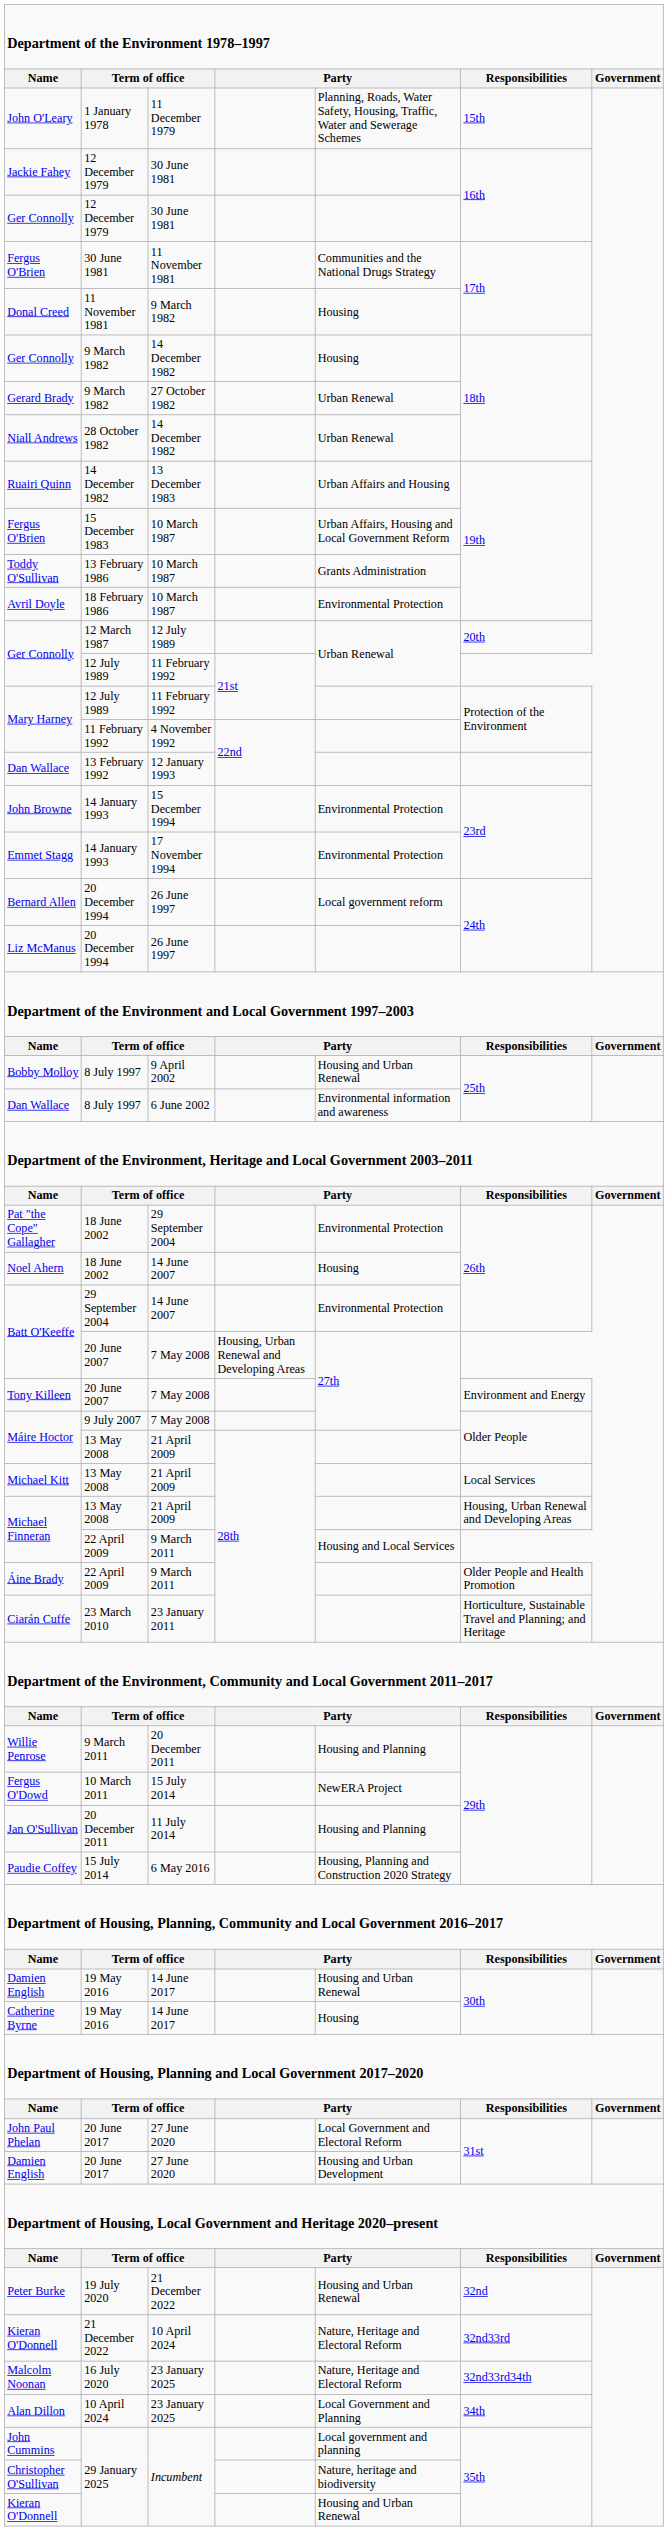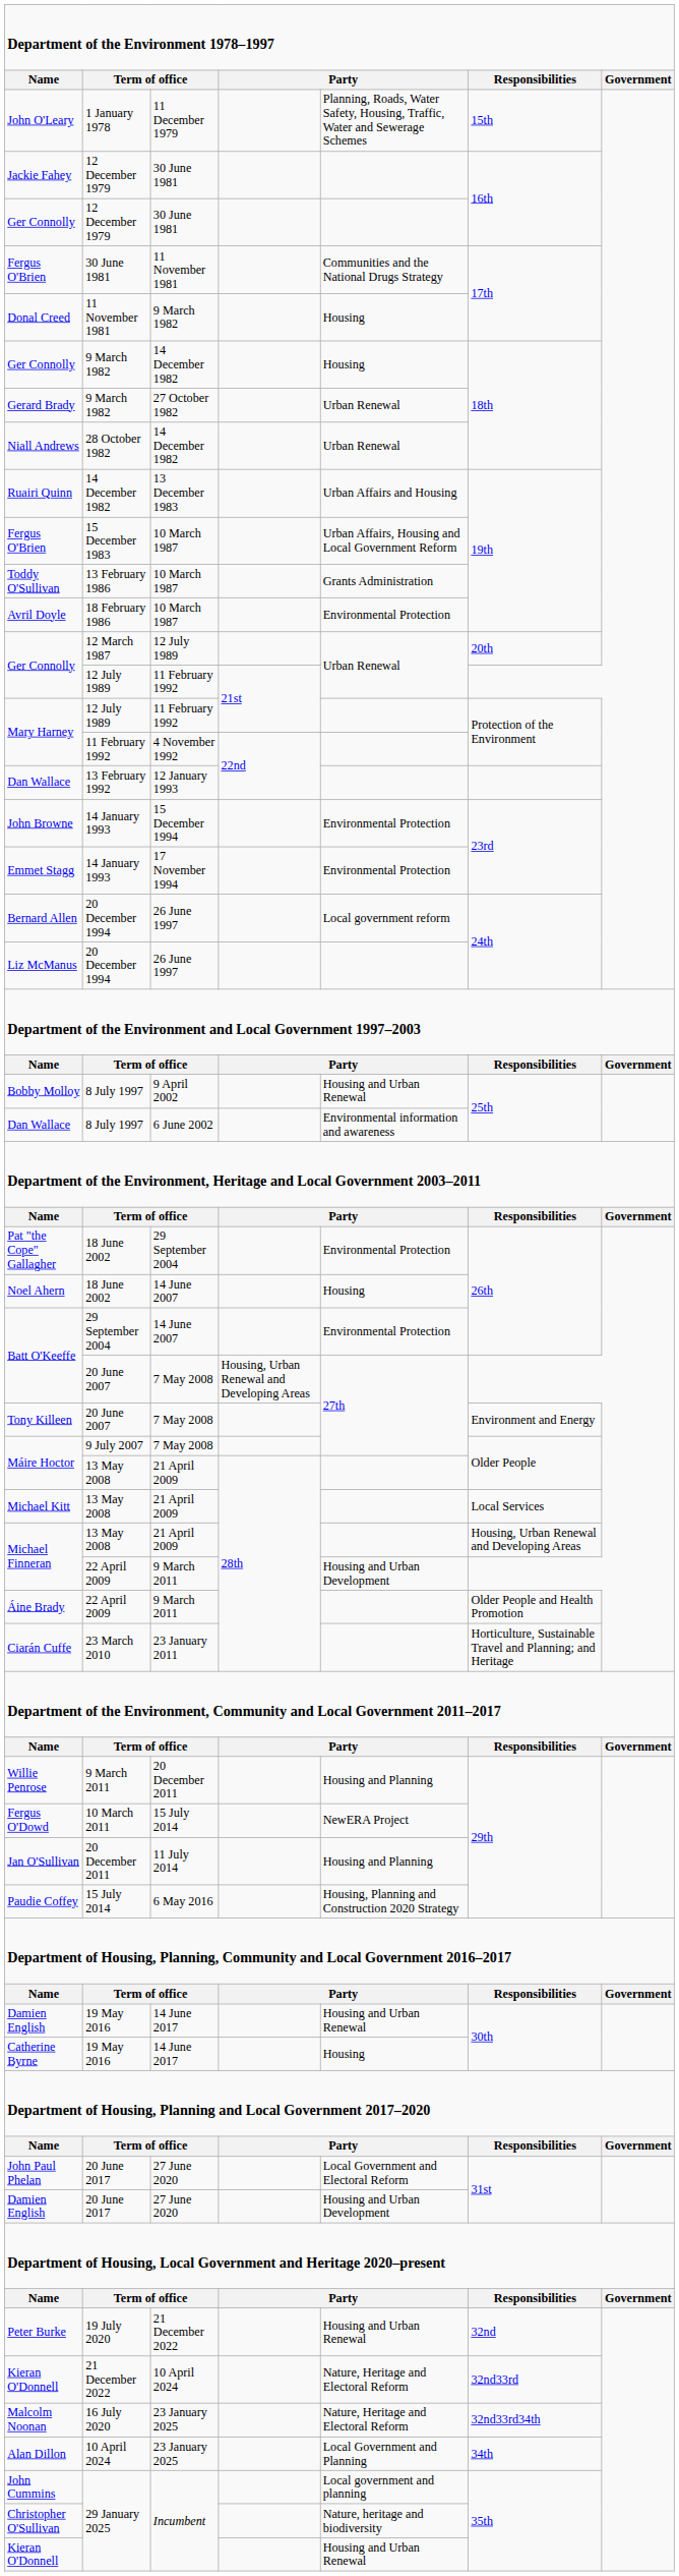 <table class="wikitable">
 <tr>
 <td colspan="7"><br><h3>Department of the Environment 1978–1997</h3></td>
 </tr>
 <tr>
 <th>Name</th>
 <th colspan=2>Term of office</th>
 <th colspan=2>Party</th>
 <th>Responsibilities</th>
 <th>Government</th>
 </tr>
 <tr>
 <td><a href='#'>John O'Leary</a></td>
 <td>1 January 1978</td>
 <td>11 December 1979</td>
 <td></td>
 <td>Planning, Roads, Water Safety, Housing, Traffic, Water and Sewerage Schemes</td>
 <td><a href='#'>15th</a></td>
 </tr>
 <tr>
 <td><a href='#'>Jackie Fahey</a></td>
 <td>12 December 1979</td>
 <td>30 June 1981</td>
 <td></td>
 <td></td>
 <td rowspan=2><a href='#'>16th</a></td>
 </tr>
 <tr>
 <td><a href='#'>Ger Connolly</a></td>
 <td>12 December 1979</td>
 <td>30 June 1981</td>
 <td></td>
 <td></td>
 </tr>
 <tr>
 <td><a href='#'>Fergus O'Brien</a></td>
 <td>30 June 1981</td>
 <td>11 November 1981</td>
 <td></td>
 <td>Communities and the National Drugs Strategy</td>
 <td rowspan=2><a href='#'>17th</a></td>
 </tr>
 <tr>
 <td><a href='#'>Donal Creed</a></td>
 <td>11 November 1981</td>
 <td>9 March 1982</td>
 <td></td>
 <td>Housing</td>
 </tr>
 <tr>
 <td><a href='#'>Ger Connolly</a></td>
 <td>9 March 1982</td>
 <td>14 December 1982</td>
 <td></td>
 <td>Housing</td>
 <td rowspan=3><a href='#'>18th</a></td>
 </tr>
 <tr>
 <td><a href='#'>Gerard Brady</a></td>
 <td>9 March 1982</td>
 <td>27 October 1982</td>
 <td></td>
 <td>Urban Renewal</td>
 </tr>
 <tr>
 <td><a href='#'>Niall Andrews</a></td>
 <td>28 October 1982</td>
 <td>14 December 1982</td>
 <td></td>
 <td>Urban Renewal</td>
 </tr>
 <tr>
 <td><a href='#'>Ruairi Quinn</a></td>
 <td>14 December 1982</td>
 <td>13 December 1983</td>
 <td></td>
 <td>Urban Affairs and Housing</td>
 <td rowspan=4><a href='#'>19th</a></td>
 </tr>
 <tr>
 <td><a href='#'>Fergus O'Brien</a></td>
 <td>15 December 1983</td>
 <td>10 March 1987</td>
 <td></td>
 <td>Urban Affairs, Housing and Local Government Reform</td>
 </tr>
 <tr>
 <td><a href='#'>Toddy O'Sullivan</a></td>
 <td>13 February 1986</td>
 <td>10 March 1987</td>
 <td></td>
 <td>Grants Administration</td>
 </tr>
 <tr>
 <td><a href='#'>Avril Doyle</a></td>
 <td>18 February 1986</td>
 <td>10 March 1987</td>
 <td></td>
 <td>Environmental Protection</td>
 </tr>
 <tr>
 <td rowspan=2><a href='#'>Ger Connolly</a></td>
 <td>12 March 1987</td>
 <td>12 July 1989</td>
 <td></td>
 <td rowspan=2>Urban Renewal</td>
 <td><a href='#'>20th</a></td>
 </tr>
 <tr>
 <td>12 July 1989</td>
 <td>11 February 1992</td>
 <td rowspan=2><a href='#'>21st</a></td>
 </tr>
 <tr>
 <td rowspan=2><a href='#'>Mary Harney</a></td>
 <td>12 July 1989</td>
 <td>11 February 1992</td>
 <td></td>
 <td rowspan=2>Protection of the Environment</td>
 </tr>
 <tr>
 <td>11 February 1992</td>
 <td>4 November 1992</td>
 <td rowspan=2><a href='#'>22nd</a></td>
 </tr>
 <tr>
 <td><a href='#'>Dan Wallace</a></td>
 <td>13 February 1992</td>
 <td>12 January 1993</td>
 <td></td>
 <td></td>
 </tr>
 <tr>
 <td><a href='#'>John Browne</a></td>
 <td>14 January 1993</td>
 <td>15 December 1994</td>
 <td></td>
 <td>Environmental Protection</td>
 <td rowspan=2><a href='#'>23rd</a></td>
 </tr>
 <tr>
 <td><a href='#'>Emmet Stagg</a></td>
 <td>14 January 1993</td>
 <td>17 November 1994</td>
 <td></td>
 <td>Environmental Protection</td>
 </tr>
 <tr>
 <td><a href='#'>Bernard Allen</a></td>
 <td>20 December 1994</td>
 <td>26 June 1997</td>
 <td></td>
 <td>Local government reform</td>
 <td rowspan=2><a href='#'>24th</a></td>
 </tr>
 <tr>
 <td><a href='#'>Liz McManus</a></td>
 <td>20 December 1994</td>
 <td>26 June 1997</td>
 <td></td>
 <td></td>
 </tr>
 <tr>
 <td colspan="7"><br><h3>Department of the Environment and Local Government 1997–2003</h3></td>
 </tr>
 <tr>
 <th>Name</th>
 <th colspan=2>Term of office</th>
 <th colspan=2>Party</th>
 <th>Responsibilities</th>
 <th>Government</th>
 </tr>
 <tr>
 <td><a href='#'>Bobby Molloy</a></td>
 <td>8 July 1997</td>
 <td>9 April 2002</td>
 <td></td>
 <td>Housing and Urban Renewal</td>
 <td rowspan=2><a href='#'>25th</a></td>
 </tr>
 <tr>
 <td><a href='#'>Dan Wallace</a></td>
 <td>8 July 1997</td>
 <td>6 June 2002</td>
 <td></td>
 <td>Environmental information and awareness</td>
 </tr>
 <tr>
 <td colspan="7"><br><h3>Department of the Environment, Heritage and Local Government 2003–2011</h3></td>
 </tr>
 <tr>
 <th>Name</th>
 <th colspan=2>Term of office</th>
 <th colspan=2>Party</th>
 <th>Responsibilities</th>
 <th>Government</th>
 </tr>
 <tr>
 <td><a href='#'>Pat "the Cope" Gallagher</a></td>
 <td>18 June 2002</td>
 <td>29 September 2004</td>
 <td></td>
 <td>Environmental Protection</td>
 <td rowspan=3><a href='#'>26th</a></td>
 </tr>
 <tr>
 <td><a href='#'>Noel Ahern</a></td>
 <td>18 June 2002</td>
 <td>14 June 2007</td>
 <td></td>
 <td>Housing</td>
 </tr>
 <tr>
 <td rowspan=2><a href='#'>Batt O'Keeffe</a></td>
 <td>29 September 2004</td>
 <td>14 June 2007</td>
 <td></td>
 <td>Environmental Protection</td>
 </tr>
 <tr>
 <td>20 June 2007</td>
 <td>7 May 2008</td>
 <td>Housing, Urban Renewal and Developing Areas</td>
 <td rowspan=3><a href='#'>27th</a></td>
 </tr>
 <tr>
 <td><a href='#'>Tony Killeen</a></td>
 <td>20 June 2007</td>
 <td>7 May 2008</td>
 <td></td>
 <td>Environment and Energy</td>
 </tr>
 <tr>
 <td rowspan=2><a href='#'>Máire Hoctor</a></td>
 <td>9 July 2007</td>
 <td>7 May 2008</td>
 <td></td>
 <td rowspan=2>Older People</td>
 </tr>
 <tr>
 <td>13 May 2008</td>
 <td>21 April 2009</td>
 <td rowspan=6><a href='#'>28th</a></td>
 </tr>
 <tr>
 <td><a href='#'>Michael Kitt</a></td>
 <td>13 May 2008</td>
 <td>21 April 2009</td>
 <td></td>
 <td>Local Services</td>
 </tr>
 <tr>
 <td rowspan=2><a href='#'>Michael Finneran</a></td>
 <td>13 May 2008</td>
 <td>21 April 2009</td>
 <td></td>
 <td>Housing, Urban Renewal and Developing Areas</td>
 </tr>
 <tr>
 <td>22 April 2009</td>
 <td>9 March 2011</td>
-<td>Housing and Local Services</td>
+<td>Housing and Urban Development</td>
 </tr>
 <tr>
 <td><a href='#'>Áine Brady</a></td>
 <td>22 April 2009</td>
 <td>9 March 2011</td>
 <td></td>
 <td>Older People and Health Promotion</td>
 </tr>
 <tr>
 <td><a href='#'>Ciarán Cuffe</a></td>
 <td>23 March 2010</td>
 <td>23 January 2011</td>
 <td></td>
 <td>Horticulture, Sustainable Travel and Planning; and Heritage</td>
 </tr>
 <tr>
 <td colspan="7"><br><h3>Department of the Environment, Community and Local Government 2011–2017</h3></td>
 </tr>
 <tr>
 <th>Name</th>
 <th colspan=2>Term of office</th>
 <th colspan=2>Party</th>
 <th>Responsibilities</th>
 <th>Government</th>
 </tr>
 <tr>
 <td><a href='#'>Willie Penrose</a></td>
 <td>9 March 2011</td>
 <td>20 December 2011</td>
 <td></td>
 <td>Housing and Planning</td>
 <td rowspan=4><a href='#'>29th</a></td>
 </tr>
 <tr>
 <td><a href='#'>Fergus O'Dowd</a></td>
 <td>10 March 2011</td>
 <td>15 July 2014</td>
 <td></td>
 <td>NewERA Project</td>
 </tr>
 <tr>
 <td><a href='#'>Jan O'Sullivan</a></td>
 <td>20 December 2011</td>
 <td>11 July 2014</td>
 <td></td>
 <td>Housing and Planning</td>
 </tr>
 <tr>
 <td><a href='#'>Paudie Coffey</a></td>
 <td>15 July 2014</td>
 <td>6 May 2016</td>
 <td></td>
 <td>Housing, Planning and Construction 2020 Strategy</td>
 </tr>
 <tr>
 <td colspan=7><br><h3>Department of Housing, Planning, Community and Local Government 2016–2017</h3></td>
 </tr>
 <tr>
 <th>Name</th>
 <th colspan=2>Term of office</th>
 <th colspan=2>Party</th>
 <th>Responsibilities</th>
 <th>Government</th>
 </tr>
 <tr>
 <td><a href='#'>Damien English</a></td>
 <td>19 May 2016</td>
 <td>14 June 2017</td>
 <td></td>
 <td>Housing and Urban Renewal</td>
 <td rowspan=2><a href='#'>30th</a></td>
 </tr>
 <tr>
 <td><a href='#'>Catherine Byrne</a></td>
 <td>19 May 2016</td>
 <td>14 June 2017</td>
 <td></td>
 <td>Housing</td>
 </tr>
 <tr>
 <td colspan=7><br><h3>Department of Housing, Planning and Local Government 2017–2020</h3></td>
 </tr>
 <tr>
 <th>Name</th>
 <th colspan=2>Term of office</th>
 <th colspan=2>Party</th>
 <th>Responsibilities</th>
 <th>Government</th>
 </tr>
 <tr>
 <td><a href='#'>John Paul Phelan</a></td>
 <td>20 June 2017</td>
 <td>27 June 2020</td>
 <td></td>
 <td>Local Government and Electoral Reform</td>
 <td rowspan=2><a href='#'>31st</a></td>
 </tr>
 <tr>
 <td><a href='#'>Damien English</a></td>
 <td>20 June 2017</td>
 <td>27 June 2020</td>
 <td></td>
 <td>Housing and Urban Development</td>
 </tr>
 <tr>
 <td colspan="7"><br><h3>Department of Housing, Local Government and Heritage 2020–present</h3></td>
 </tr>
 <tr>
 <th>Name</th>
 <th colspan=2>Term of office</th>
 <th colspan=2>Party</th>
 <th>Responsibilities</th>
 <th>Government</th>
 </tr>
 <tr>
 <td><a href='#'>Peter Burke</a></td>
 <td>19 July 2020</td>
 <td>21 December 2022</td>
 <td></td>
 <td>Housing and Urban Renewal</td>
 <td><a href='#'>32nd</a></td>
 </tr>
 <tr>
 <td><a href='#'>Kieran O'Donnell</a></td>
 <td>21 December 2022</td>
 <td>10 April 2024</td>
 <td></td>
 <td>Nature, Heritage and Electoral Reform</td>
 <td><a href='#'>32nd</a><a href='#'>33rd</a></td>
 </tr>
 <tr>
 <td><a href='#'>Malcolm Noonan</a></td>
 <td>16 July 2020</td>
 <td>23 January 2025</td>
 <td></td>
 <td>Nature, Heritage and Electoral Reform</td>
 <td><a href='#'>32nd</a><a href='#'>33rd</a><a href='#'>34th</a></td>
 </tr>
 <tr>
 <td><a href='#'>Alan Dillon</a></td>
 <td>10 April 2024</td>
 <td>23 January 2025</td>
 <td></td>
 <td>Local Government and Planning</td>
 <td><a href='#'>34th</a></td>
 </tr>
 <tr>
 <td><a href='#'>John Cummins</a></td>
 <td rowspan=3>29 January 2025</td>
 <td rowspan=3><em>Incumbent</em></td>
 <td></td>
 <td>Local government and planning</td>
 <td rowspan=3><a href='#'>35th</a></td>
 </tr>
 <tr>
 <td><a href='#'>Christopher O'Sullivan</a></td>
 <td></td>
 <td>Nature, heritage and biodiversity</td>
 </tr>
 <tr>
 <td><a href='#'>Kieran O'Donnell</a></td>
 <td></td>
 <td>Housing and Urban Renewal</td>
 </tr>
 </table>
